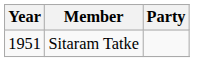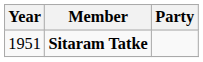 <table class="wikitable sortable">
 <tr>
 <th>Year</th>
 <th>Member</th>
 <th colspan="2">Party</th>
 </tr>
 <tr>
 <td rowspan=2>1951</td>
-<td>Sitaram Tatke</td>
+<td><strong>Sitaram Tatke</strong></td>
 <td></td>
 </tr>
 <tr>
 </tr>
 </table>
